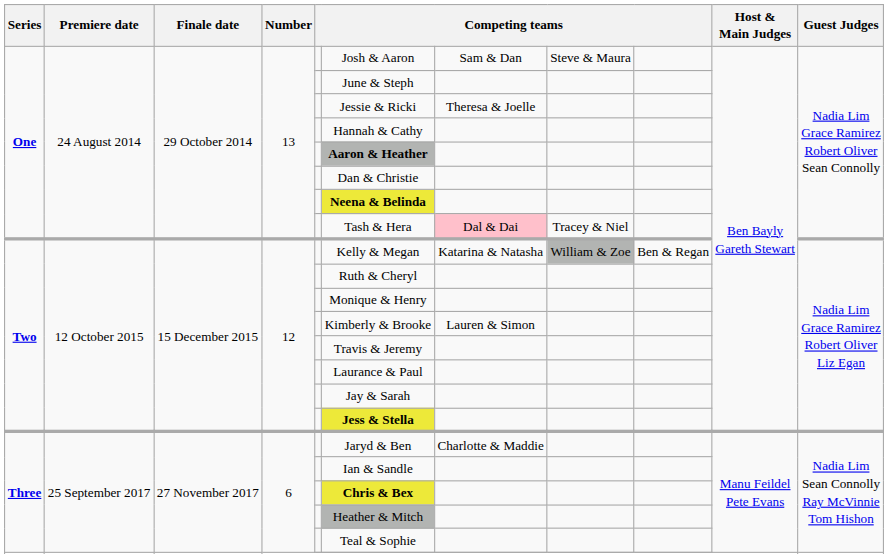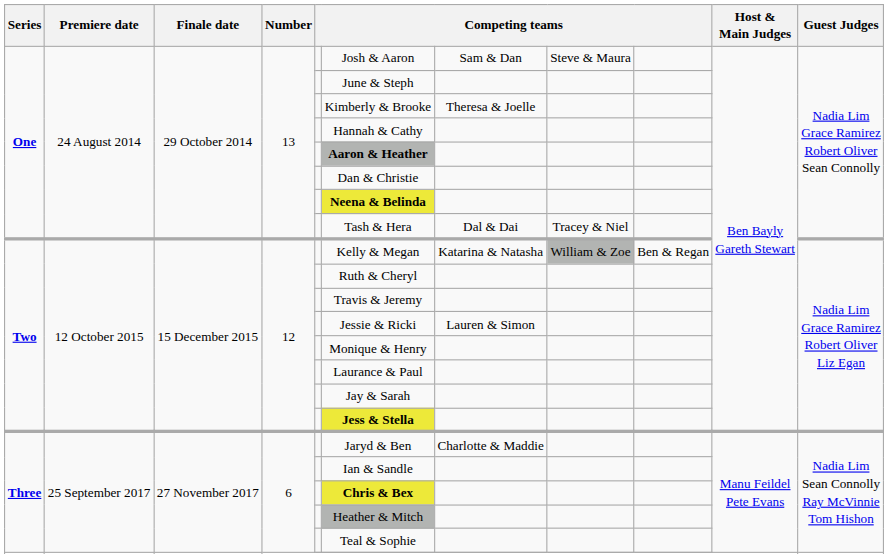 <table class="wikitable" style="text-align: center; font-size: 9pt; line-height:16px">
 <tr>
 <th scope="col">Series</th>
 <th scope="col">Premiere date</th>
 <th scope="col">Finale date</th>
 <th scope="col">Number<br></th>
 <th colspan="5" scope="col">Competing teams</th>
 <th scope="col">Host &<br>Main Judges</th>
 <th scope="col">Guest Judges</th>
 </tr>
 <tr>
 <td rowspan="8" scope="row"><a href='#'><strong>One</strong></a></td>
 <td rowspan="8">24 August  2014</td>
 <td rowspan="8">29 October 2014</td>
 <td rowspan="8">13</td>
 <td></td>
 <td style="width:10;">Josh & Aaron</td>
 <td style="width:10;">Sam & Dan</td>
 <td>Steve & Maura</td>
 <td></td>
 <td rowspan="16"><a href='#'>Ben Bayly</a><br><a href='#'>Gareth Stewart</a></td>
 <td rowspan="8"><a href='#'>Nadia Lim</a><br><a href='#'>Grace Ramirez</a><br><a href='#'>Robert Oliver</a><br>Sean Connolly</td>
 </tr>
 <tr>
 <td></td>
 <td>June & Steph</td>
 <td></td>
 <td></td>
 <td></td>
 </tr>
 <tr>
 <td></td>
-<td>Jessie & Ricki</td>
+<td>Kimberly & Brooke</td>
 <td>Theresa & Joelle</td>
 <td></td>
 <td></td>
 </tr>
 <tr>
 <td></td>
 <td>Hannah & Cathy</td>
 <td></td>
 <td></td>
 <td></td>
 </tr>
 <tr>
 <td></td>
 <td bgcolor="#B2B4B2"><strong>Aaron & Heather</strong></td>
 <td></td>
 <td></td>
 <td></td>
 </tr>
 <tr>
 <td></td>
 <td>Dan & Christie</td>
 <td></td>
 <td></td>
 <td></td>
 </tr>
 <tr>
 <td></td>
 <td bgcolor="#EDE939"><strong>Neena & Belinda</strong></td>
 <td></td>
 <td></td>
 <td></td>
 </tr>
 <tr>
 <td></td>
 <td>Tash & Hera</td>
-<td style="background: pink;">Dal & Dai</td>
+<td>Dal & Dai</td>
 <td style="width:10;">Tracey & Niel</td>
 <td></td>
 </tr>
 <tr style="border-top:3px solid #aaa;" >
 <td rowspan="8" scope="row"><a href='#'><strong>Two</strong></a></td>
 <td rowspan="8">12 October 2015</td>
 <td rowspan="8">15 December 2015</td>
 <td rowspan="8">12</td>
 <td></td>
 <td>Kelly & Megan</td>
 <td>Katarina & Natasha</td>
 <td bgcolor="#B2B4B2">William & Zoe</td>
 <td>Ben & Regan</td>
 <td rowspan="8"><a href='#'>Nadia Lim</a><br><a href='#'>Grace Ramirez</a><br><a href='#'>Robert Oliver</a><br><a href='#'>Liz Egan</a></td>
 </tr>
 <tr>
 <td></td>
 <td>Ruth & Cheryl</td>
 <td></td>
 <td></td>
 <td></td>
 </tr>
 <tr>
 <td></td>
-<td>Monique & Henry</td>
+<td>Travis & Jeremy</td>
 <td></td>
 <td></td>
 <td></td>
 </tr>
 <tr>
 <td></td>
-<td>Kimberly & Brooke</td>
+<td>Jessie & Ricki</td>
 <td>Lauren & Simon</td>
 <td></td>
 <td></td>
 </tr>
 <tr>
 <td></td>
-<td>Travis & Jeremy</td>
+<td>Monique & Henry</td>
 <td></td>
 <td></td>
 <td></td>
 </tr>
 <tr>
 <td></td>
 <td>Laurance & Paul</td>
 <td></td>
 <td></td>
 <td></td>
 </tr>
 <tr>
 <td></td>
 <td>Jay & Sarah</td>
 <td></td>
 <td></td>
 <td></td>
 </tr>
 <tr>
 <td></td>
 <td bgcolor="#EDE939"><strong>Jess & Stella</strong></td>
 <td></td>
 <td></td>
 <td></td>
 </tr>
 <tr>
 </tr>
 <tr style="border-top:3px solid #aaa;" >
 <td rowspan="8" scope="row"><a href='#'><strong>Three</strong></a></td>
 <td rowspan="8">25 September 2017</td>
 <td rowspan="8">27 November 2017</td>
 <td rowspan="8">6</td>
 <td></td>
 <td>Jaryd & Ben</td>
 <td>Charlotte & Maddie</td>
 <td></td>
 <td></td>
 <td rowspan="6"><a href='#'>Manu Feildel</a><br><a href='#'>Pete Evans</a></td>
 <td rowspan="6"><a href='#'>Nadia Lim</a><br>Sean Connolly<br><a href='#'>Ray McVinnie</a><br><a href='#'>Tom Hishon</a></td>
 </tr>
 <tr>
 <td></td>
 <td>Ian & Sandle</td>
 <td></td>
 <td></td>
 <td></td>
 </tr>
 <tr>
 <td></td>
 <td bgcolor="#EDE939"><strong>Chris & Bex</strong></td>
 <td></td>
 <td></td>
 <td></td>
 </tr>
 <tr>
 <td></td>
 <td bgcolor="#B2B4B2">Heather & Mitch</td>
 <td></td>
 <td></td>
 <td></td>
 </tr>
 <tr>
 <td></td>
 <td>Teal & Sophie</td>
 <td></td>
 <td></td>
 <td></td>
 </tr>
 <tr>
 </tr>
 </table>
